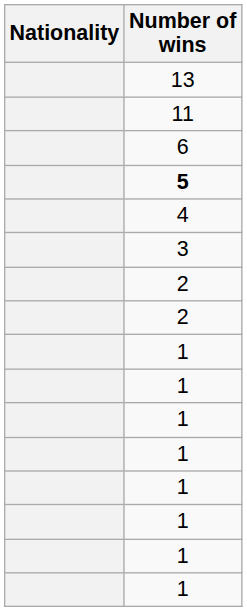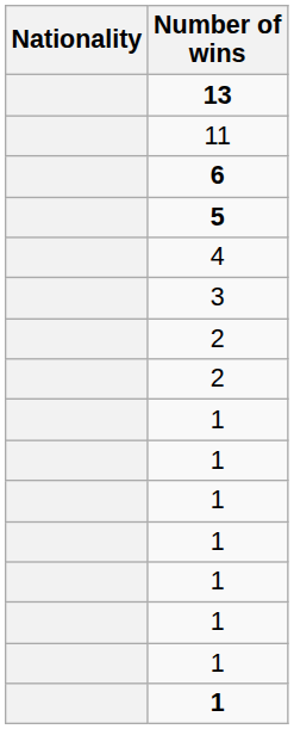 <table class="wikitable plainrowheaders">
 <tr bgcolor="#efefef">
 <th scope=col>Nationality</th>
 <th scope=col>Number of<br>wins</th>
 </tr>
 <tr>
 <th scope=row></th>
-<td align=center>13</td>
+<td align=center><strong>13</strong></td>
 </tr>
 <tr>
 <th scope=row></th>
 <td align=center>11</td>
 </tr>
 <tr>
 <th scope=row></th>
-<td align=center>6</td>
+<td align=center><strong>6</strong></td>
 </tr>
 <tr>
 <th scope=row></th>
 <td align=center><strong>5</strong></td>
 </tr>
 <tr>
 <th scope=row></th>
 <td align=center>4</td>
 </tr>
 <tr>
 <th scope=row></th>
 <td align=center>3</td>
 </tr>
 <tr>
 <th scope=row></th>
 <td align=center>2</td>
 </tr>
 <tr>
 <th scope=row></th>
 <td align=center>2</td>
 </tr>
 <tr>
 <th scope=row></th>
 <td align=center>1</td>
 </tr>
 <tr>
 <th scope=row></th>
 <td align=center>1</td>
 </tr>
 <tr>
 <th scope=row></th>
 <td align=center>1</td>
 </tr>
 <tr>
 <th scope=row></th>
 <td align=center>1</td>
 </tr>
 <tr>
 <th scope=row></th>
 <td align=center>1</td>
 </tr>
 <tr>
 <th scope=row></th>
 <td align=center>1</td>
 </tr>
 <tr>
 <th scope=row></th>
 <td align=center>1</td>
 </tr>
 <tr>
 <th scope=row></th>
-<td align=center>1</td>
+<td align=center><strong>1</strong></td>
 </tr>
 </table>
